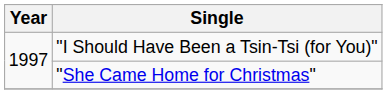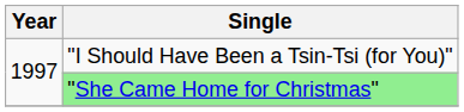 <table class="wikitable">
 <tr>
 <th>Year</th>
 <th>Single</th>
 </tr>
 <tr>
 <td align="center" rowspan="2">1997</td>
 <td>"I Should Have Been a Tsin-Tsi (for You)"</td>
 </tr>
 <tr>
-<td>"<a href='#'>She Came Home for Christmas</a>"</td>
+<td style="background: lightgreen;">"<a href='#'>She Came Home for Christmas</a>"</td>
 </tr>
 <tr>
 </tr>
 </table>
